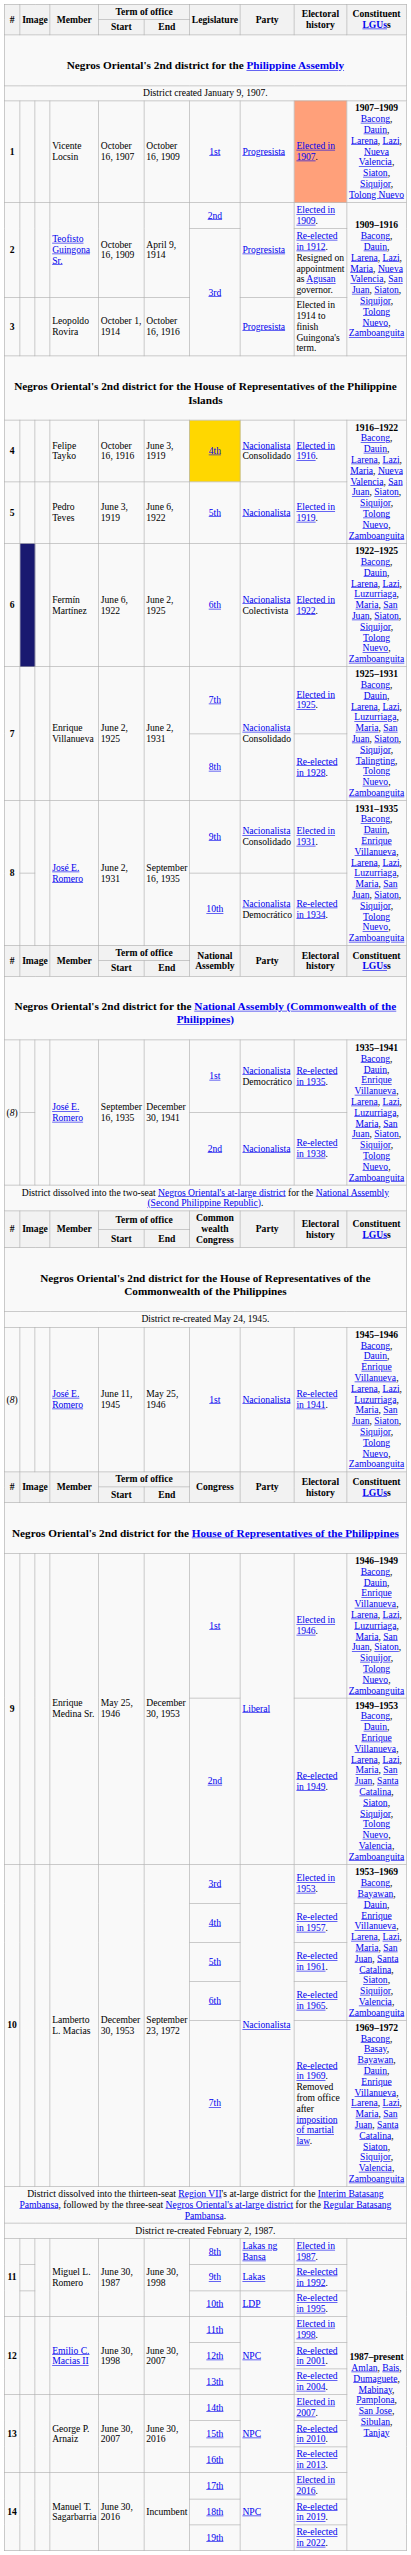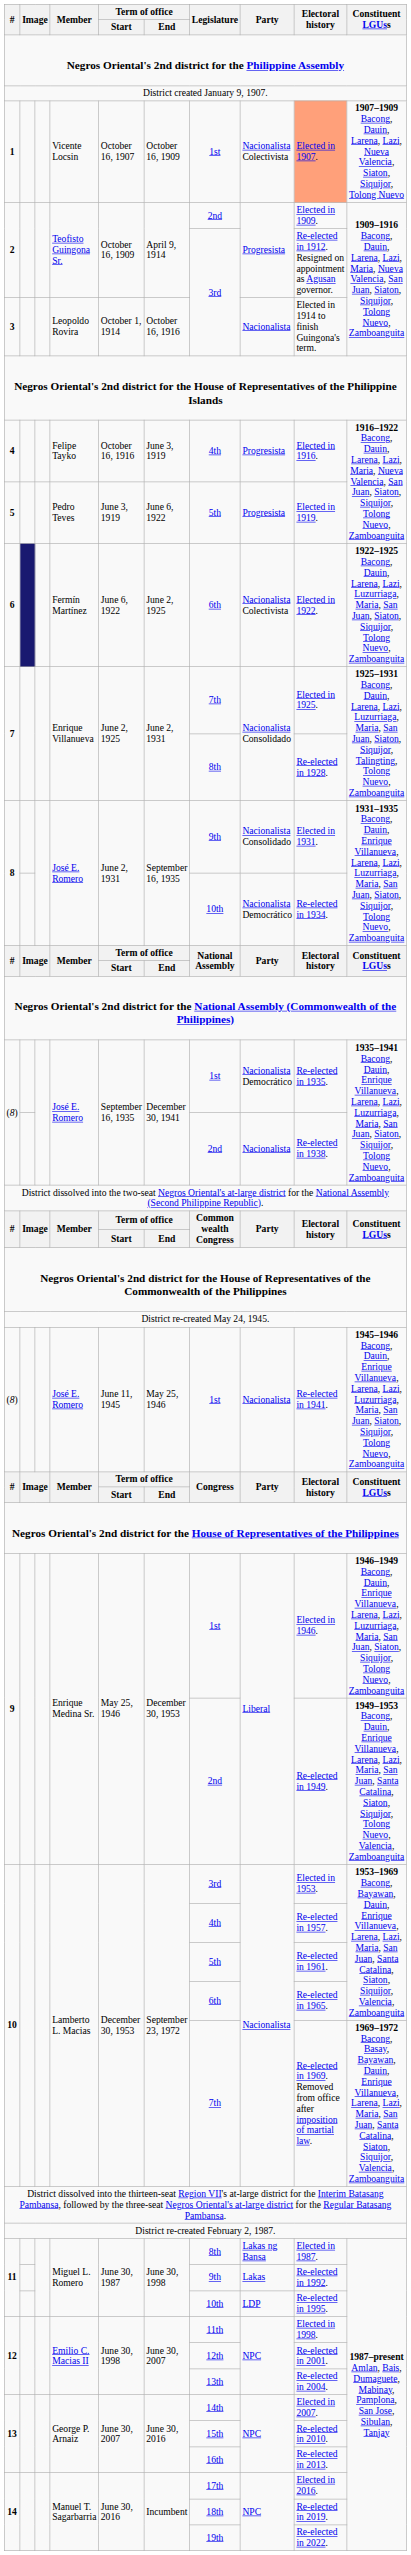 <table class=wikitable>
 <tr>
 <th rowspan="2">#</th>
 <th rowspan="2" colspan=2>Image</th>
 <th rowspan="2">Member</th>
 <th colspan=2>Term of office</th>
 <th rowspan="2">Legislature</th>
 <th rowspan="2">Party</th>
 <th rowspan="2">Electoral history</th>
 <th rowspan="2">Constituent<br><a href='#'>LGUs</a>s</th>
 </tr>
 <tr>
 <th>Start</th>
 <th>End</th>
 </tr>
 <tr>
 <td colspan="10" style="text-align:center;"><br><h3>Negros Oriental's 2nd district for the <a href='#'>Philippine Assembly</a></h3></td>
 </tr>
 <tr>
 <td colspan="10" style="text-align:center;">District created January 9, 1907.</td>
 </tr>
 <tr>
 <td style="text-align:center;"><strong>1</strong></td>
 <td style="color:inherit;background:"></td>
 <td></td>
 <td>Vicente Locsin</td>
 <td>October 16, 1907</td>
 <td>October 16, 1909</td>
 <td style="text-align:center;"><a href='#'>1st</a></td>
-<td><a href='#'>Progresista</a></td>
+<td><a href='#'>Nacionalista</a><br>Colectivista</td>
 <td style="background: lightsalmon;"><a href='#'>Elected in 1907</a>.</td>
 <td style="text-align:center;"><strong>1907–1909</strong><br><a href='#'>Bacong</a>, <a href='#'>Dauin</a>, <a href='#'>Larena</a>, <a href='#'>Lazi</a>, <a href='#'>Nueva Valencia</a>, <a href='#'>Siaton</a>, <a href='#'>Siquijor</a>, <a href='#'>Tolong Nuevo</a></td>
 </tr>
 <tr>
 <td rowspan="2" style="text-align:center;"><strong>2</strong></td>
 <td rowspan="2" style="color:inherit;background:"></td>
 <td rowspan="2"></td>
 <td rowspan="2"><a href='#'>Teofisto Guingona Sr.</a></td>
 <td rowspan="2">October 16, 1909</td>
 <td rowspan="2">April 9, 1914</td>
 <td style="text-align:center;"><a href='#'>2nd</a></td>
 <td rowspan="2"><a href='#'>Progresista</a></td>
 <td><a href='#'>Elected in 1909</a>.</td>
 <td rowspan="3" style="text-align:center;"><strong>1909–1916</strong><br><a href='#'>Bacong</a>, <a href='#'>Dauin</a>, <a href='#'>Larena</a>, <a href='#'>Lazi</a>, <a href='#'>Maria</a>, <a href='#'>Nueva Valencia</a>, <a href='#'>San Juan</a>, <a href='#'>Siaton</a>, <a href='#'>Siquijor</a>, <a href='#'>Tolong Nuevo</a>, <a href='#'>Zamboanguita</a></td>
 </tr>
 <tr>
 <td rowspan="2" style="text-align:center;"><a href='#'>3rd</a></td>
 <td><a href='#'>Re-elected in 1912</a>.<br>Resigned on appointment as <a href='#'>Agusan</a> governor.</td>
 </tr>
 <tr>
 <td style="text-align:center;"><strong>3</strong></td>
 <td style="color:inherit;background:"></td>
 <td></td>
 <td>Leopoldo Rovira</td>
 <td>October 1, 1914</td>
 <td>October 16, 1916</td>
-<td><a href='#'>Progresista</a></td>
+<td><a href='#'>Nacionalista</a></td>
 <td>Elected in 1914 to finish Guingona's term.</td>
 </tr>
 <tr>
 <td colspan="10" style="text-align:center;"><br><h3>Negros Oriental's 2nd district for the House of Representatives of the Philippine Islands</h3></td>
 </tr>
 <tr>
 <td style="text-align:center;"><strong>4</strong></td>
 <td style="color:inherit;background:"></td>
 <td></td>
 <td>Felipe Tayko</td>
 <td>October 16, 1916</td>
 <td>June 3, 1919</td>
-<td style="background: gold; text-align:center;"><a href='#'>4th</a></td>
-<td><a href='#'>Nacionalista</a><br>Consolidado</td>
+<td style="text-align:center;"><a href='#'>4th</a></td>
+<td><a href='#'>Progresista</a></td>
 <td><a href='#'>Elected in 1916</a>.</td>
 <td rowspan="2" style="text-align:center;"><strong>1916–1922</strong><br><a href='#'>Bacong</a>, <a href='#'>Dauin</a>, <a href='#'>Larena</a>, <a href='#'>Lazi</a>, <a href='#'>Maria</a>, <a href='#'>Nueva Valencia</a>, <a href='#'>San Juan</a>, <a href='#'>Siaton</a>, <a href='#'>Siquijor</a>, <a href='#'>Tolong Nuevo</a>, <a href='#'>Zamboanguita</a></td>
 </tr>
 <tr>
 <td style="text-align:center;"><strong>5</strong></td>
 <td style="color:inherit;background:"></td>
 <td></td>
 <td>Pedro Teves</td>
 <td>June 3, 1919</td>
 <td>June 6, 1922</td>
 <td style="text-align:center;"><a href='#'>5th</a></td>
-<td><a href='#'>Nacionalista</a></td>
+<td><a href='#'>Progresista</a></td>
 <td><a href='#'>Elected in 1919</a>.</td>
 </tr>
 <tr>
 <td style="text-align:center;"><strong>6</strong></td>
 <td style="background-color:#191970"></td>
 <td></td>
 <td>Fermín Martínez</td>
 <td>June 6, 1922</td>
 <td>June 2, 1925</td>
 <td style="text-align:center;"><a href='#'>6th</a></td>
 <td><a href='#'>Nacionalista</a><br>Colectivista</td>
 <td><a href='#'>Elected in 1922</a>.</td>
 <td style="text-align:center;"><strong>1922–1925</strong><br><a href='#'>Bacong</a>, <a href='#'>Dauin</a>, <a href='#'>Larena</a>, <a href='#'>Lazi</a>, <a href='#'>Luzurriaga</a>, <a href='#'>Maria</a>, <a href='#'>San Juan</a>, <a href='#'>Siaton</a>, <a href='#'>Siquijor</a>, <a href='#'>Tolong Nuevo</a>, <a href='#'>Zamboanguita</a></td>
 </tr>
 <tr>
 <td rowspan="2" style="text-align:center;"><strong>7</strong></td>
 <td rowspan="2" style="color:inherit;background:"></td>
 <td rowspan="2"></td>
 <td rowspan="2">Enrique Villanueva</td>
 <td rowspan="2">June 2, 1925</td>
 <td rowspan="2">June 2, 1931</td>
 <td style="text-align:center;"><a href='#'>7th</a></td>
 <td rowspan="2"><a href='#'>Nacionalista</a><br>Consolidado</td>
 <td><a href='#'>Elected in 1925</a>.</td>
 <td rowspan="2" style="text-align:center;"><strong>1925–1931</strong><br><a href='#'>Bacong</a>, <a href='#'>Dauin</a>, <a href='#'>Larena</a>, <a href='#'>Lazi</a>, <a href='#'>Luzurriaga</a>, <a href='#'>Maria</a>, <a href='#'>San Juan</a>, <a href='#'>Siaton</a>, <a href='#'>Siquijor</a>, <a href='#'>Talingting</a>, <a href='#'>Tolong Nuevo</a>, <a href='#'>Zamboanguita</a></td>
 </tr>
 <tr>
 <td style="text-align:center;"><a href='#'>8th</a></td>
 <td><a href='#'>Re-elected in 1928</a>.</td>
 </tr>
 <tr>
 <td rowspan="2" style="text-align:center;"><strong>8</strong></td>
 <td style="color:inherit;background:"></td>
 <td rowspan="2"></td>
 <td rowspan="2"><a href='#'>José E. Romero</a></td>
 <td rowspan="2">June 2, 1931</td>
 <td rowspan="2">September 16, 1935</td>
 <td style="text-align:center;"><a href='#'>9th</a></td>
 <td><a href='#'>Nacionalista</a><br>Consolidado</td>
 <td><a href='#'>Elected in 1931</a>.</td>
 <td rowspan="2" style="text-align:center;"><strong>1931–1935</strong><br><a href='#'>Bacong</a>, <a href='#'>Dauin</a>, <a href='#'>Enrique Villanueva</a>, <a href='#'>Larena</a>, <a href='#'>Lazi</a>, <a href='#'>Luzurriaga</a>, <a href='#'>Maria</a>, <a href='#'>San Juan</a>, <a href='#'>Siaton</a>, <a href='#'>Siquijor</a>, <a href='#'>Tolong Nuevo</a>, <a href='#'>Zamboanguita</a></td>
 </tr>
 <tr>
 <td style="color:inherit;background:"></td>
 <td style="text-align:center;"><a href='#'>10th</a></td>
 <td><a href='#'>Nacionalista</a><br>Democrático</td>
 <td><a href='#'>Re-elected in 1934</a>.</td>
 </tr>
 <tr>
 <th rowspan="2">#</th>
 <th rowspan="2" colspan=2>Image</th>
 <th rowspan="2">Member</th>
 <th colspan=2>Term of office</th>
 <th rowspan="2">National<br>Assembly</th>
 <th rowspan="2">Party</th>
 <th rowspan="2">Electoral history</th>
 <th rowspan="2">Constituent<br><a href='#'>LGUs</a>s</th>
 </tr>
 <tr>
 <th>Start</th>
 <th>End</th>
 </tr>
 <tr>
 <td colspan="10" style="text-align:center;"><br><h3>Negros Oriental's 2nd district for the <a href='#'>National Assembly (Commonwealth of the Philippines)</a></h3></td>
 </tr>
 <tr>
 <td rowspan="2" style="text-align:center;">(<em>8</em>)</td>
 <td style="color:inherit;background:"></td>
 <td rowspan="2"></td>
 <td rowspan="2"><a href='#'>José E. Romero</a></td>
 <td rowspan="2">September 16, 1935</td>
 <td rowspan="2">December 30, 1941</td>
 <td style="text-align:center;"><a href='#'>1st</a></td>
 <td><a href='#'>Nacionalista</a><br>Democrático</td>
 <td><a href='#'>Re-elected in 1935</a>.</td>
 <td rowspan="2" style="text-align:center;"><strong>1935–1941</strong><br><a href='#'>Bacong</a>, <a href='#'>Dauin</a>, <a href='#'>Enrique Villanueva</a>, <a href='#'>Larena</a>, <a href='#'>Lazi</a>, <a href='#'>Luzurriaga</a>, <a href='#'>Maria</a>, <a href='#'>San Juan</a>, <a href='#'>Siaton</a>, <a href='#'>Siquijor</a>, <a href='#'>Tolong Nuevo</a>, <a href='#'>Zamboanguita</a></td>
 </tr>
 <tr>
 <td style="color:inherit;background:"></td>
 <td style="text-align:center;"><a href='#'>2nd</a></td>
 <td><a href='#'>Nacionalista</a></td>
 <td><a href='#'>Re-elected in 1938</a>.</td>
 </tr>
 <tr>
 <td colspan="10" style="text-align:center;">District dissolved into the two-seat <a href='#'>Negros Oriental's at-large district</a> for the <a href='#'>National Assembly (Second Philippine Republic)</a>.</td>
 </tr>
 <tr>
 <th rowspan="2">#</th>
 <th rowspan="2" colspan=2>Image</th>
 <th rowspan="2">Member</th>
 <th colspan=2>Term of office</th>
 <th rowspan="2">Common<br>wealth<br>Congress</th>
 <th rowspan="2">Party</th>
 <th rowspan="2">Electoral history</th>
 <th rowspan="2">Constituent<br><a href='#'>LGUs</a>s</th>
 </tr>
 <tr>
 <th>Start</th>
 <th>End</th>
 </tr>
 <tr>
 <td colspan="10" style="text-align:center;"><br><h3>Negros Oriental's 2nd district for the House of Representatives of the Commonwealth of the Philippines</h3></td>
 </tr>
 <tr>
 <td colspan="10" style="text-align:center;">District re-created May 24, 1945.</td>
 </tr>
 <tr>
 <td style="text-align:center;">(<em>8</em>)</td>
 <td style="color:inherit;background:"></td>
 <td></td>
 <td><a href='#'>José E. Romero</a></td>
 <td>June 11, 1945</td>
 <td>May 25, 1946</td>
 <td style="text-align:center;"><a href='#'>1st</a></td>
 <td><a href='#'>Nacionalista</a></td>
 <td><a href='#'>Re-elected in 1941</a>.</td>
 <td style="text-align:center;"><strong>1945–1946</strong><br><a href='#'>Bacong</a>, <a href='#'>Dauin</a>, <a href='#'>Enrique Villanueva</a>, <a href='#'>Larena</a>, <a href='#'>Lazi</a>, <a href='#'>Luzurriaga</a>, <a href='#'>Maria</a>, <a href='#'>San Juan</a>, <a href='#'>Siaton</a>, <a href='#'>Siquijor</a>, <a href='#'>Tolong Nuevo</a>, <a href='#'>Zamboanguita</a></td>
 </tr>
 <tr>
 <th rowspan="2">#</th>
 <th rowspan="2" colspan=2>Image</th>
 <th rowspan="2">Member</th>
 <th colspan=2>Term of office</th>
 <th rowspan="2">Congress</th>
 <th rowspan="2">Party</th>
 <th rowspan="2">Electoral history</th>
 <th rowspan="2">Constituent<br><a href='#'>LGUs</a>s</th>
 </tr>
 <tr>
 <th>Start</th>
 <th>End</th>
 </tr>
 <tr>
 <td colspan="10" style="text-align:center;"><br><h3>Negros Oriental's 2nd district for the <a href='#'>House of Representatives of the Philippines</a></h3></td>
 </tr>
 <tr>
 <td rowspan="2" style="text-align:center;"><strong>9</strong></td>
 <td rowspan="2" style="color:inherit;background:"></td>
 <td rowspan="2"></td>
 <td rowspan="2">Enrique Medina Sr.</td>
 <td rowspan="2">May 25, 1946</td>
 <td rowspan="2">December 30, 1953</td>
 <td style="text-align:center;"><a href='#'>1st</a></td>
 <td rowspan="2"><a href='#'>Liberal</a></td>
 <td><a href='#'>Elected in 1946</a>.</td>
 <td style="text-align:center;"><strong>1946–1949</strong><br><a href='#'>Bacong</a>, <a href='#'>Dauin</a>, <a href='#'>Enrique Villanueva</a>, <a href='#'>Larena</a>, <a href='#'>Lazi</a>, <a href='#'>Luzurriaga</a>, <a href='#'>Maria</a>, <a href='#'>San Juan</a>, <a href='#'>Siaton</a>, <a href='#'>Siquijor</a>, <a href='#'>Tolong Nuevo</a>, <a href='#'>Zamboanguita</a></td>
 </tr>
 <tr>
 <td style="text-align:center;"><a href='#'>2nd</a></td>
 <td><a href='#'>Re-elected in 1949</a>.</td>
 <td style="text-align:center;"><strong>1949–1953</strong><br><a href='#'>Bacong</a>, <a href='#'>Dauin</a>, <a href='#'>Enrique Villanueva</a>, <a href='#'>Larena</a>, <a href='#'>Lazi</a>, <a href='#'>Maria</a>, <a href='#'>San Juan</a>, <a href='#'>Santa Catalina</a>, <a href='#'>Siaton</a>, <a href='#'>Siquijor</a>, <a href='#'>Tolong Nuevo</a>, <a href='#'>Valencia</a>, <a href='#'>Zamboanguita</a></td>
 </tr>
 <tr>
 <td rowspan="5" style="text-align:center;"><strong>10</strong></td>
 <td rowspan="5" style="color:inherit;background:"></td>
 <td rowspan="5"></td>
 <td rowspan="5">Lamberto L. Macias</td>
 <td rowspan="5">December 30, 1953</td>
 <td rowspan="5">September 23, 1972</td>
 <td style="text-align:center;"><a href='#'>3rd</a></td>
 <td rowspan="5"><a href='#'>Nacionalista</a></td>
 <td><a href='#'>Elected in 1953</a>.</td>
 <td rowspan="4" style="text-align:center;"><strong>1953–1969</strong><br><a href='#'>Bacong</a>, <a href='#'>Bayawan</a>, <a href='#'>Dauin</a>, <a href='#'>Enrique Villanueva</a>, <a href='#'>Larena</a>, <a href='#'>Lazi</a>, <a href='#'>Maria</a>, <a href='#'>San Juan</a>, <a href='#'>Santa Catalina</a>, <a href='#'>Siaton</a>, <a href='#'>Siquijor</a>, <a href='#'>Valencia</a>, <a href='#'>Zamboanguita</a></td>
 </tr>
 <tr>
 <td style="text-align:center;"><a href='#'>4th</a></td>
 <td><a href='#'>Re-elected in 1957</a>.</td>
 </tr>
 <tr>
 <td style="text-align:center;"><a href='#'>5th</a></td>
 <td><a href='#'>Re-elected in 1961</a>.</td>
 </tr>
 <tr>
 <td style="text-align:center;"><a href='#'>6th</a></td>
 <td><a href='#'>Re-elected in 1965</a>.</td>
 </tr>
 <tr>
 <td style="text-align:center;"><a href='#'>7th</a></td>
 <td><a href='#'>Re-elected in 1969</a>.<br>Removed from office after <a href='#'>imposition of martial law</a>.</td>
 <td style="text-align:center;"><strong>1969–1972</strong><br><a href='#'>Bacong</a>, <a href='#'>Basay</a>, <a href='#'>Bayawan</a>, <a href='#'>Dauin</a>, <a href='#'>Enrique Villanueva</a>, <a href='#'>Larena</a>, <a href='#'>Lazi</a>, <a href='#'>Maria</a>, <a href='#'>San Juan</a>, <a href='#'>Santa Catalina</a>, <a href='#'>Siaton</a>, <a href='#'>Siquijor</a>, <a href='#'>Valencia</a>, <a href='#'>Zamboanguita</a></td>
 </tr>
 <tr>
 <td colspan="10" style="text-align:center;">District dissolved into the thirteen-seat <a href='#'>Region VII</a>'s at-large district for the <a href='#'>Interim Batasang Pambansa</a>, followed by the three-seat <a href='#'>Negros Oriental's at-large district</a> for the <a href='#'>Regular Batasang Pambansa</a>.</td>
 </tr>
 <tr>
 <td colspan="10" style="text-align:center;">District re-created February 2, 1987.</td>
 </tr>
 <tr>
 <td rowspan="3" style="text-align:center;"><strong>11</strong></td>
 <td style="color:inherit;background:"></td>
 <td rowspan="3"></td>
 <td rowspan="3">Miguel L. Romero</td>
 <td rowspan="3">June 30, 1987</td>
 <td rowspan="3">June 30, 1998</td>
 <td style="text-align:center;"><a href='#'>8th</a></td>
 <td><a href='#'>Lakas ng Bansa</a></td>
 <td><a href='#'>Elected in 1987</a>.</td>
 <td rowspan="12" style="text-align:center;"><strong>1987–present</strong><br><a href='#'>Amlan</a>, <a href='#'>Bais</a>, <a href='#'>Dumaguete</a>, <a href='#'>Mabinay</a>, <a href='#'>Pamplona</a>, <a href='#'>San Jose</a>, <a href='#'>Sibulan</a>, <a href='#'>Tanjay</a></td>
 </tr>
 <tr>
 <td style="color:inherit;background:"></td>
 <td style="text-align:center;"><a href='#'>9th</a></td>
 <td><a href='#'>Lakas</a></td>
 <td><a href='#'>Re-elected in 1992</a>.</td>
 </tr>
 <tr>
 <td style="color:inherit;background:"></td>
 <td style="text-align:center;"><a href='#'>10th</a></td>
 <td><a href='#'>LDP</a></td>
 <td><a href='#'>Re-elected in 1995</a>.</td>
 </tr>
 <tr>
 <td rowspan="3" style="text-align:center;"><strong>12</strong></td>
 <td rowspan="3" style="color:inherit;background:"></td>
 <td rowspan="3"></td>
 <td rowspan="3"><a href='#'>Emilio C. Macias II</a></td>
 <td rowspan="3">June 30, 1998</td>
 <td rowspan="3">June 30, 2007</td>
 <td style="text-align:center;"><a href='#'>11th</a></td>
 <td rowspan="3"><a href='#'>NPC</a></td>
 <td><a href='#'>Elected in 1998</a>.</td>
 </tr>
 <tr>
 <td style="text-align:center;"><a href='#'>12th</a></td>
 <td><a href='#'>Re-elected in 2001</a>.</td>
 </tr>
 <tr>
 <td style="text-align:center;"><a href='#'>13th</a></td>
 <td><a href='#'>Re-elected in 2004</a>.</td>
 </tr>
 <tr>
 <td rowspan="3" style="text-align:center;"><strong>13</strong></td>
 <td rowspan="3" style="color:inherit;background:"></td>
 <td rowspan="3"></td>
 <td rowspan="3">George P. Arnaiz</td>
 <td rowspan="3">June 30, 2007</td>
 <td rowspan="3">June 30, 2016</td>
 <td style="text-align:center;"><a href='#'>14th</a></td>
 <td rowspan="3"><a href='#'>NPC</a></td>
 <td><a href='#'>Elected in 2007</a>.</td>
 </tr>
 <tr>
 <td style="text-align:center;"><a href='#'>15th</a></td>
 <td><a href='#'>Re-elected in 2010</a>.</td>
 </tr>
 <tr>
 <td style="text-align:center;"><a href='#'>16th</a></td>
 <td><a href='#'>Re-elected in 2013</a>.</td>
 </tr>
 <tr>
 <td rowspan="3" style="text-align:center;"><strong>14</strong></td>
 <td rowspan="3" style="color:inherit;background:"></td>
 <td rowspan="3"></td>
 <td rowspan="3">Manuel T. Sagarbarria</td>
 <td rowspan="3">June 30, 2016</td>
 <td rowspan="3">Incumbent</td>
 <td style="text-align:center;"><a href='#'>17th</a></td>
 <td rowspan="3"><a href='#'>NPC</a></td>
 <td><a href='#'>Elected in 2016</a>.</td>
 </tr>
 <tr>
 <td style="text-align:center;"><a href='#'>18th</a></td>
 <td><a href='#'>Re-elected in 2019</a>.</td>
 </tr>
 <tr>
 <td style="text-align:center;"><a href='#'>19th</a></td>
 <td><a href='#'>Re-elected in 2022</a>.</td>
 </tr>
 </table>
